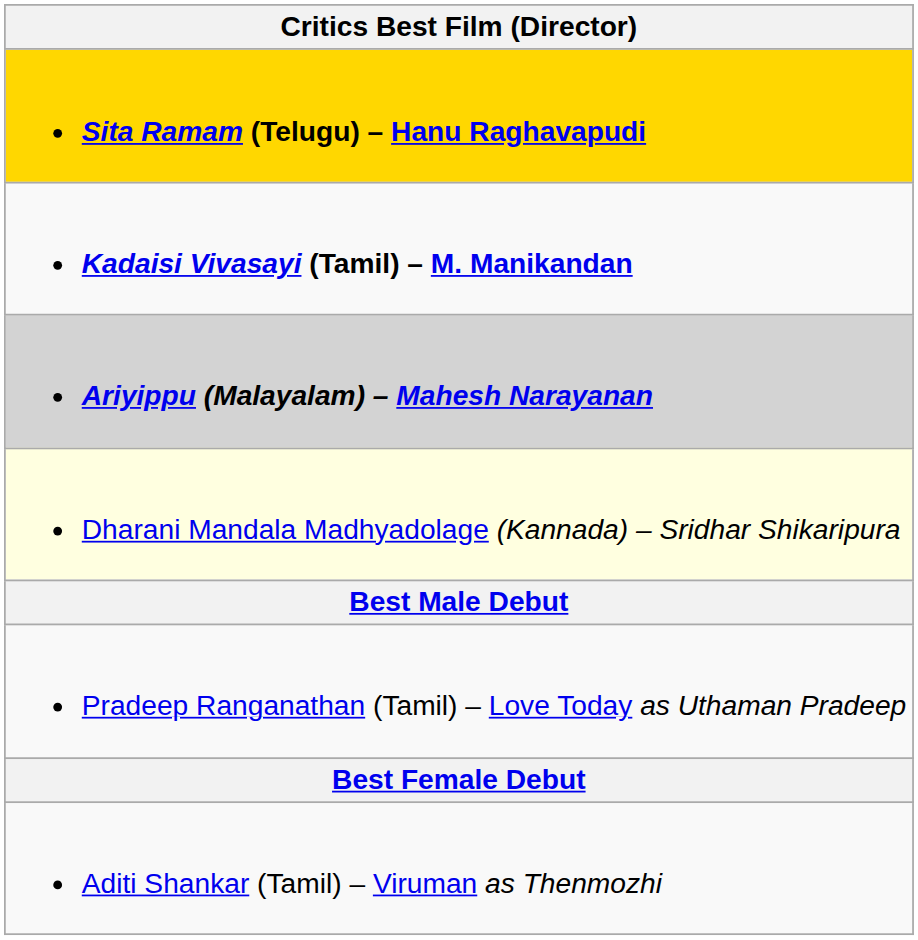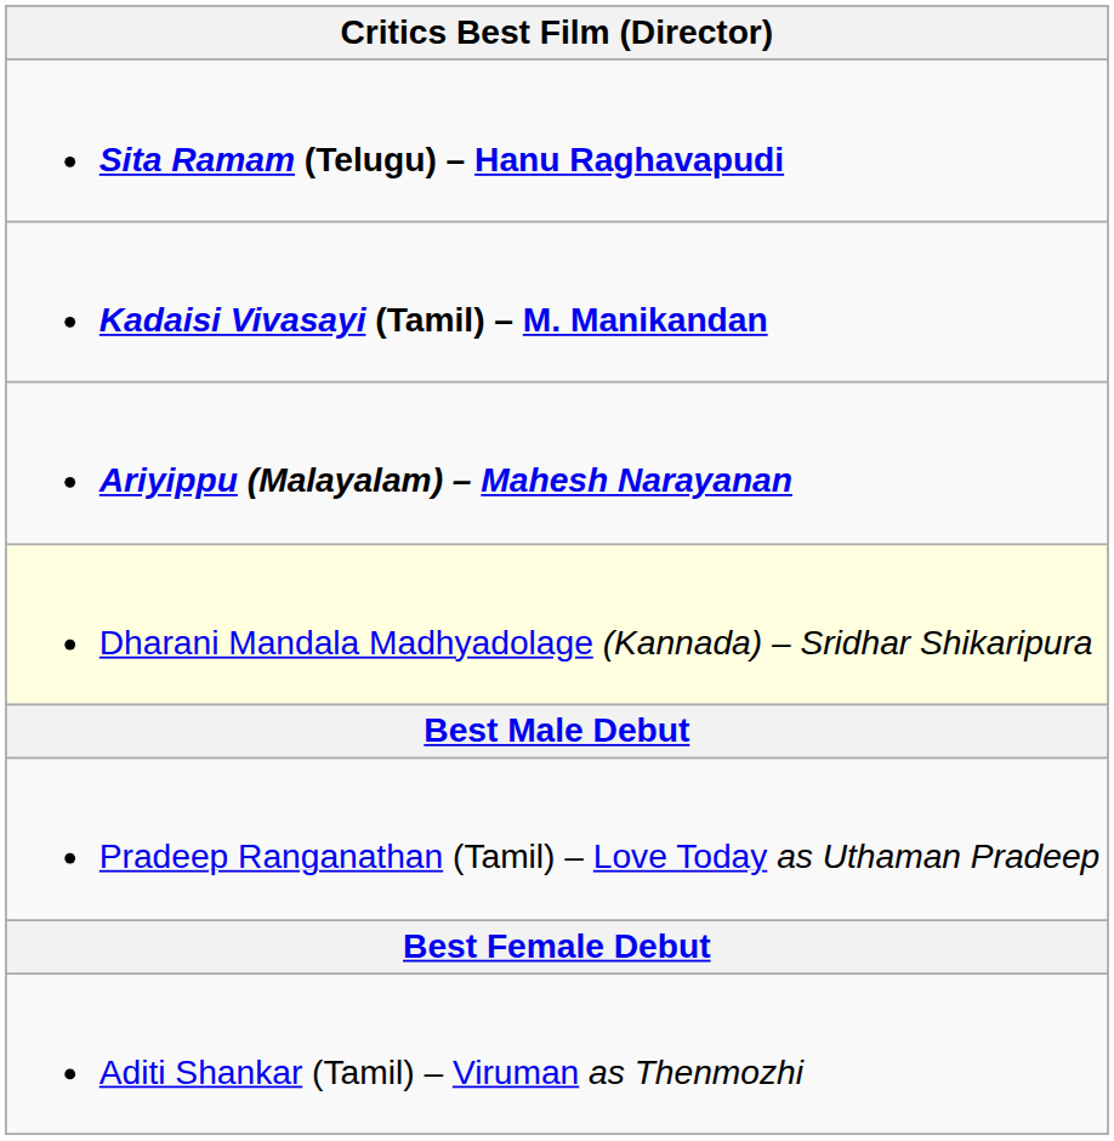 <table class="wikitable">
 <tr>
 <th><strong>Critics Best Film (Director)</strong></th>
 </tr>
 <tr>
-<td style="background: gold;"><br><ul><li><strong><em><a href='#'>Sita Ramam</a></em></strong> <strong>(Telugu) – <a href='#'>Hanu Raghavapudi</a></strong></li></ul></td>
+<td><br><ul><li><strong><em><a href='#'>Sita Ramam</a></em></strong> <strong>(Telugu) – <a href='#'>Hanu Raghavapudi</a></strong></li></ul></td>
 </tr>
 <tr>
 <td><br><ul><li><strong><em><a href='#'>Kadaisi Vivasayi</a></em></strong> <strong>(Tamil) – <a href='#'>M. Manikandan</a></strong></li></ul></td>
 </tr>
 <tr>
-<td style="background: lightgrey;"><br><ul><li><strong><em><a href='#'>Ariyippu</a><em> (Malayalam) – <a href='#'>Mahesh Narayanan</a><strong></li></ul></td>
+<td><br><ul><li><strong><em><a href='#'>Ariyippu</a><em> (Malayalam) – <a href='#'>Mahesh Narayanan</a><strong></li></ul></td>
 </tr>
 <tr>
 <td style="background: lightyellow;"><br><ul><li><a href='#'></em></strong>Dharani Mandala Madhyadolage<strong><em></a> </strong>(Kannada) – Sridhar Shikaripura<strong></li></ul></td>
 </tr>
 <tr>
 <th><a href='#'>Best Male Debut</a></th>
 </tr>
 <tr>
 <td><br><ul><li></strong><a href='#'>Pradeep Ranganathan</a><strong> </strong>(Tamil) – <a href='#'></em>Love Today<em></a> as Uthaman Pradeep<strong></li></ul></td>
 </tr>
 <tr>
 <th><a href='#'></strong>Best Female Debut<strong></a></th>
 </tr>
 <tr>
 <td><br><ul><li></strong><a href='#'>Aditi Shankar</a><strong> </strong>(Tamil) – </em><a href='#'>Viruman</a><em> as Thenmozhi<strong></li></ul></td>
 </tr>
 </table>
